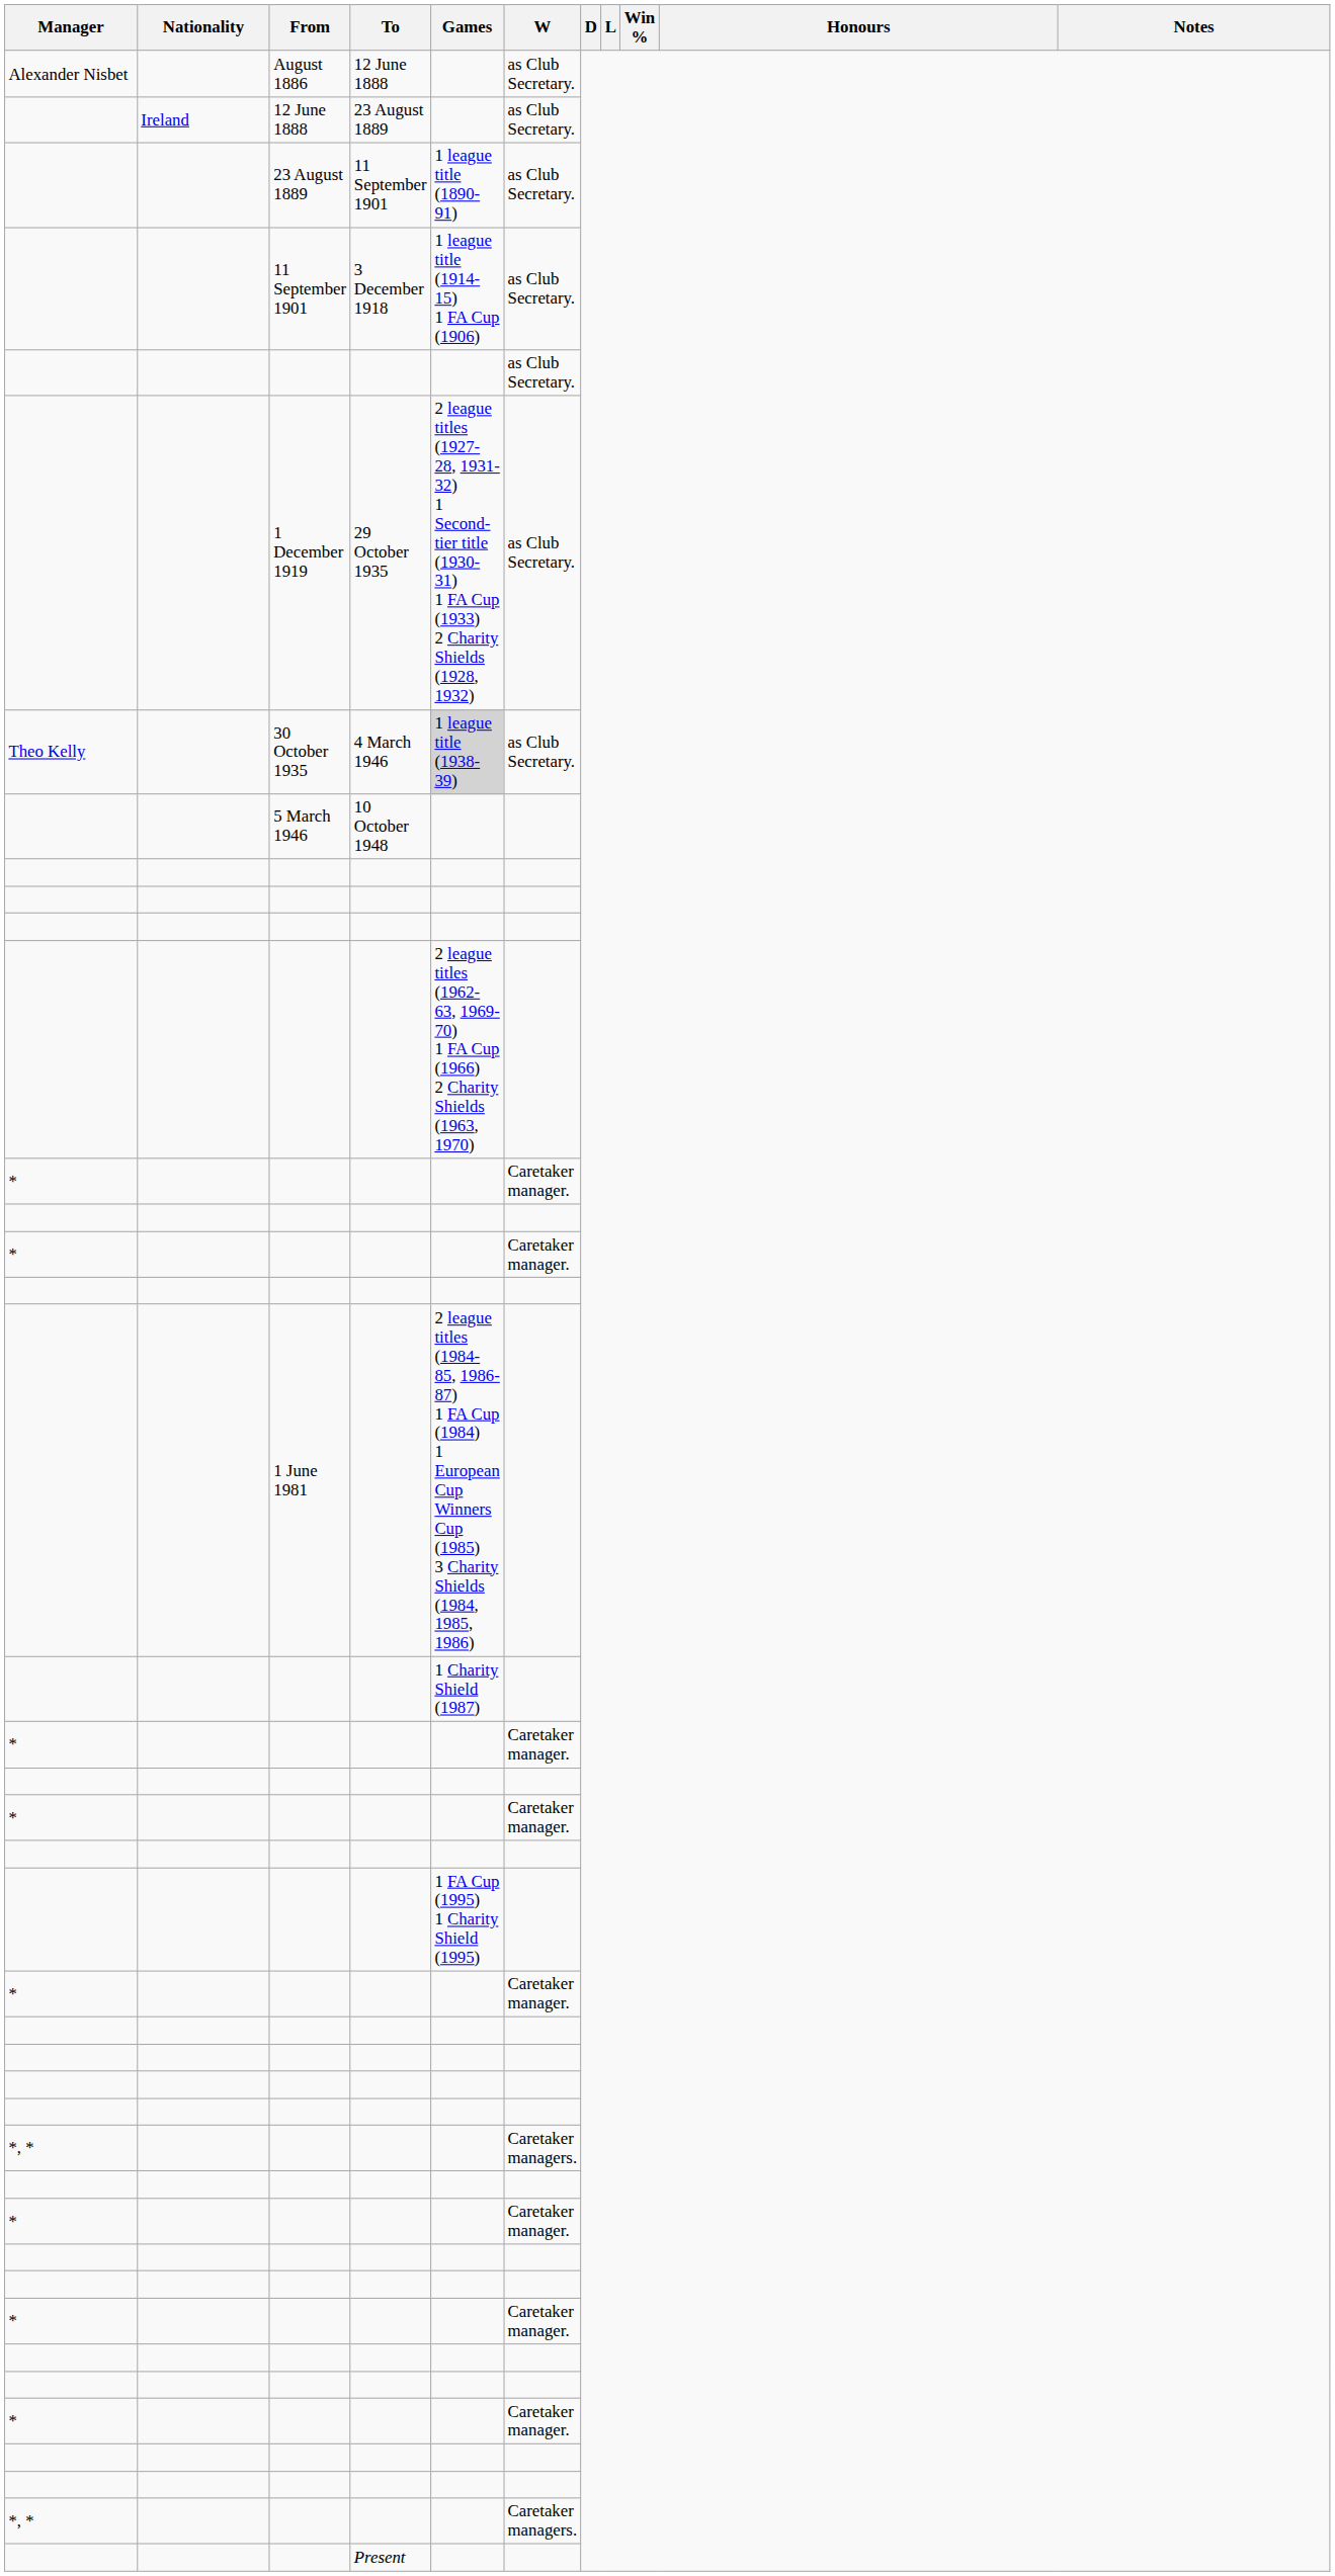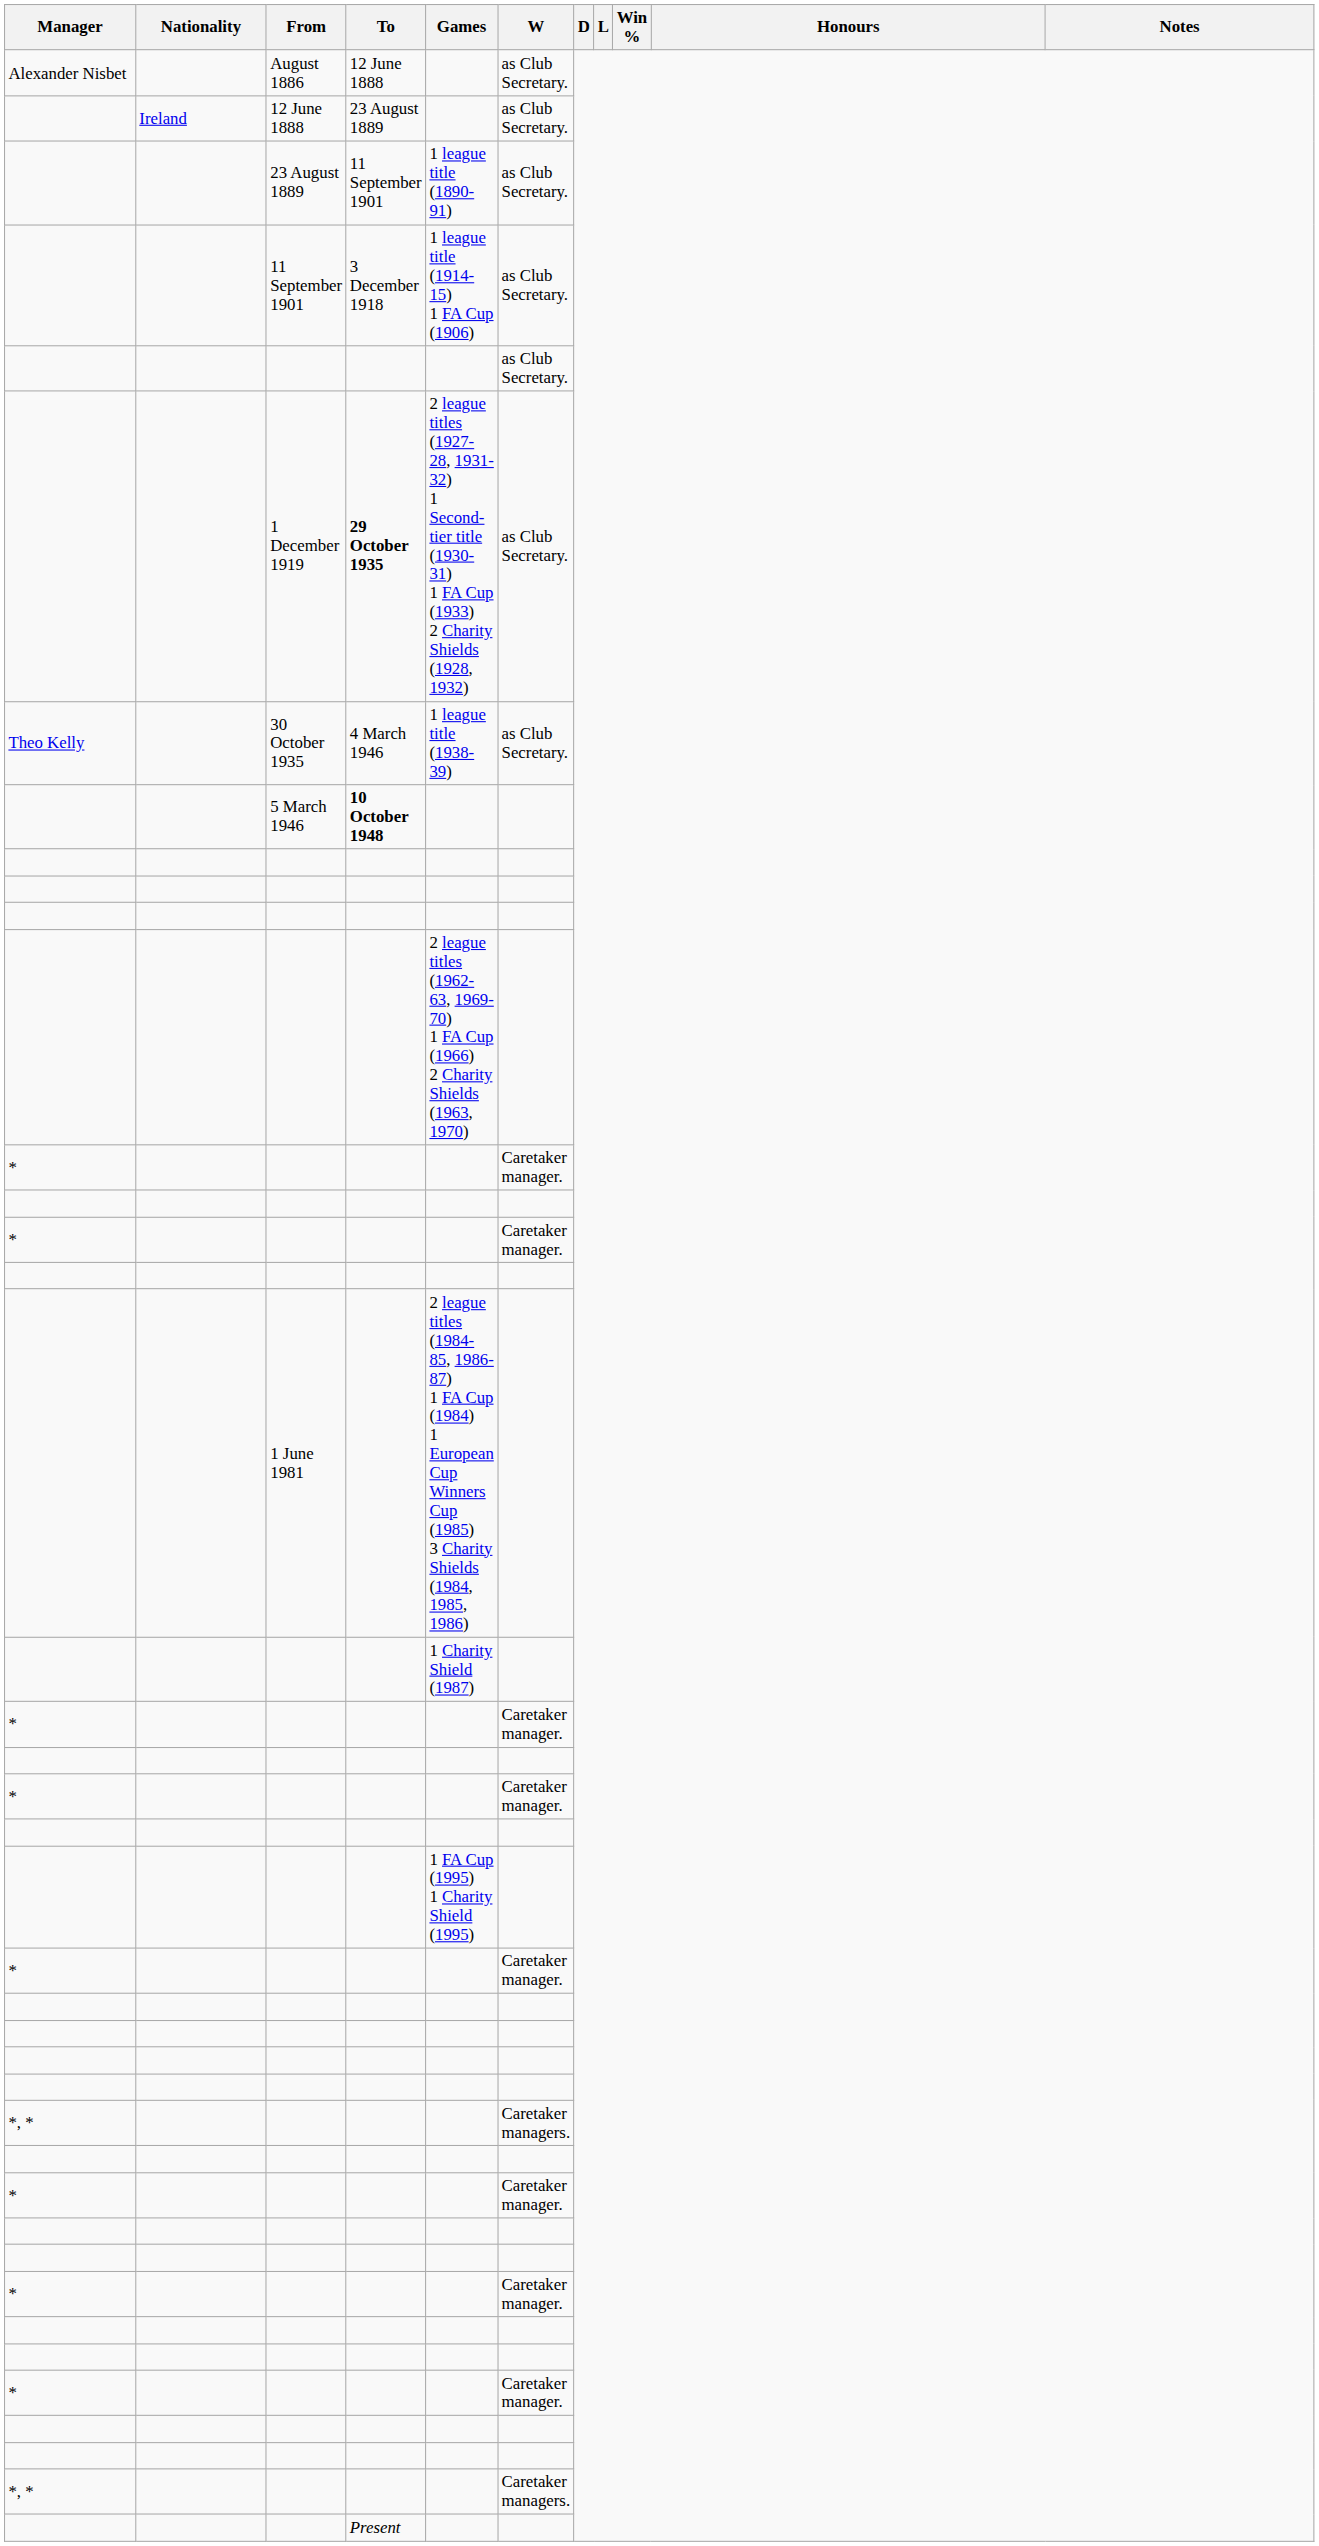 <table class="wikitable sortable" style="text-align: left">
 <tr>
 <th width=10%>Manager</th>
 <th width=10%>Nationality</th>
 <th width=5%>From</th>
 <th width=5% class="unsortable">To</th>
 <th width=2%>Games</th>
 <th width=1%>W</th>
 <th width=1%>D</th>
 <th width=1%>L</th>
 <th width=1%>Win %</th>
 <th>Honours</th>
 <th>Notes</th>
 </tr>
 <tr>
 <td>Alexander Nisbet</td>
 <td></td>
 <td>August 1886</td>
 <td>12 June 1888<br></td>
 <td></td>
 <td>as Club Secretary.</td>
 </tr>
 <tr>
 <td align=left></td>
 <td> <a href='#'>Ireland</a></td>
 <td align=left>12 June 1888</td>
 <td align=left>23 August 1889<br></td>
 <td></td>
 <td>as Club Secretary.</td>
 </tr>
 <tr>
 <td align=left></td>
 <td></td>
 <td align=left>23 August 1889</td>
 <td align=left>11 September 1901<br></td>
 <td>1 <a href='#'>league title</a> (<a href='#'>1890-91</a>)</td>
 <td>as Club Secretary.</td>
 </tr>
 <tr>
 <td align=left></td>
 <td></td>
 <td align=left>11 September 1901</td>
 <td align=left>3 December 1918<br></td>
 <td>1 <a href='#'>league title</a> (<a href='#'>1914-15</a>)<br>1 <a href='#'>FA Cup</a>    (<a href='#'>1906</a>)</td>
 <td>as Club Secretary.</td>
 </tr>
 <tr>
 <td align=left></td>
 <td></td>
 <td align=left></td>
 <td align=left><br></td>
 <td></td>
 <td>as Club Secretary.</td>
 </tr>
 <tr>
 <td align=left></td>
 <td></td>
 <td align=left>1 December 1919</td>
-<td align=left>29 October 1935<br></td>
+<td align=left><strong>29 October 1935<br></strong></td>
 <td>2 <a href='#'>league titles</a>            (<a href='#'>1927-28</a>, <a href='#'>1931-32</a>)<br>1 <a href='#'>Second-tier title</a>      (<a href='#'>1930-31</a>)<br>1 <a href='#'>FA Cup</a>    (<a href='#'>1933</a>)<br>2 <a href='#'>Charity Shields</a>       (<a href='#'>1928</a>, <a href='#'>1932</a>)</td>
 <td>as Club Secretary.</td>
 </tr>
 <tr>
 <td align=left><a href='#'>Theo Kelly</a></td>
 <td></td>
 <td align=left>30 October 1935</td>
 <td align=left>4 March 1946<br></td>
-<td style="background: lightgrey;">1 <a href='#'>league title</a> (<a href='#'>1938-39</a>)</td>
+<td>1 <a href='#'>league title</a> (<a href='#'>1938-39</a>)</td>
 <td>as Club Secretary.</td>
 </tr>
 <tr>
 <td align=left></td>
 <td></td>
 <td align=left>5 March 1946</td>
-<td align=left>10 October 1948<br></td>
+<td align=left><strong>10 October 1948<br></strong></td>
 <td></td>
 <td></td>
 </tr>
 <tr>
 <td align=left></td>
 <td></td>
 <td align=left></td>
 <td align=left><br></td>
 <td></td>
 <td></td>
 </tr>
 <tr>
 <td align=left></td>
 <td></td>
 <td align=left></td>
 <td align=left><br></td>
 <td></td>
 <td></td>
 </tr>
 <tr>
 <td align=left></td>
 <td></td>
 <td align=left></td>
 <td align=left><br></td>
 <td></td>
 <td></td>
 </tr>
 <tr>
 <td align=left></td>
 <td></td>
 <td align=left></td>
 <td align=left><br></td>
 <td>2 <a href='#'>league titles</a>            (<a href='#'>1962-63</a>, <a href='#'>1969-70</a>)<br>1 <a href='#'>FA Cup</a>     (<a href='#'>1966</a>)<br>2 <a href='#'>Charity Shields</a>       (<a href='#'>1963</a>, <a href='#'>1970</a>)</td>
 <td></td>
 </tr>
 <tr>
 <td align=left>*</td>
 <td></td>
 <td align=left></td>
 <td align=left><br></td>
 <td></td>
 <td>Caretaker manager.</td>
 </tr>
 <tr>
 <td align=left></td>
 <td></td>
 <td align=left></td>
 <td align=left><br></td>
 <td></td>
 <td></td>
 </tr>
 <tr>
 <td align=left>*</td>
 <td></td>
 <td align=left></td>
 <td align=left><br></td>
 <td></td>
 <td>Caretaker manager.</td>
 </tr>
 <tr>
 <td align=left></td>
 <td></td>
 <td align=left></td>
 <td align=left><br></td>
 <td></td>
 <td></td>
 </tr>
 <tr>
 <td align=left></td>
 <td></td>
 <td align=left>1 June 1981</td>
 <td align=left><br></td>
 <td>2 <a href='#'>league titles</a>            (<a href='#'>1984-85</a>, <a href='#'>1986-87</a>)<br>1 <a href='#'>FA Cup</a>    (<a href='#'>1984</a>)<br>1 <a href='#'>European Cup Winners Cup</a> (<a href='#'>1985</a>)<br>3 <a href='#'>Charity Shields</a>       (<a href='#'>1984</a>, <a href='#'>1985</a>,  <a href='#'>1986</a>)</td>
 <td></td>
 </tr>
 <tr>
 <td align=left></td>
 <td></td>
 <td align=left></td>
 <td align=left><br></td>
 <td>1 <a href='#'>Charity Shield</a>          (<a href='#'>1987</a>)</td>
 <td></td>
 </tr>
 <tr>
 <td align=left>*</td>
 <td></td>
 <td align=left></td>
 <td align=left><br></td>
 <td></td>
 <td>Caretaker manager.</td>
 </tr>
 <tr>
 <td align=left></td>
 <td></td>
 <td align=left></td>
 <td align=left><br></td>
 <td></td>
 <td></td>
 </tr>
 <tr>
 <td align=left>*</td>
 <td></td>
 <td align=left></td>
 <td align=left><br></td>
 <td></td>
 <td>Caretaker manager.</td>
 </tr>
 <tr>
 <td align=left></td>
 <td></td>
 <td align=left></td>
 <td align=left><br></td>
 <td></td>
 <td></td>
 </tr>
 <tr>
 <td align=left></td>
 <td></td>
 <td align=left></td>
 <td align=left><br></td>
 <td>1 <a href='#'>FA Cup</a>     (<a href='#'>1995</a>)<br>1 <a href='#'>Charity Shield</a>          (<a href='#'>1995</a>)</td>
 <td></td>
 </tr>
 <tr>
 <td align=left>*</td>
 <td></td>
 <td align=left></td>
 <td align=left><br></td>
 <td></td>
 <td>Caretaker manager.</td>
 </tr>
 <tr>
 <td align=left></td>
 <td></td>
 <td align=left></td>
 <td align=left><br></td>
 <td></td>
 <td></td>
 </tr>
 <tr>
 <td align=left></td>
 <td></td>
 <td align=left></td>
 <td align=left><br></td>
 <td></td>
 <td></td>
 </tr>
 <tr>
 <td align=left></td>
 <td></td>
 <td align=left></td>
 <td align=left><br></td>
 <td></td>
 <td></td>
 </tr>
 <tr>
 <td align=left></td>
 <td></td>
 <td align=left></td>
 <td align=left><br></td>
 <td></td>
 <td></td>
 </tr>
 <tr>
 <td align=left>*, *</td>
 <td> </td>
 <td align=left></td>
 <td align=left><br></td>
 <td></td>
 <td>Caretaker managers.</td>
 </tr>
 <tr>
 <td align=left></td>
 <td></td>
 <td align=left></td>
 <td align=left><br></td>
 <td></td>
 <td></td>
 </tr>
 <tr>
 <td align=left>*</td>
 <td></td>
 <td align=left></td>
 <td align=left><br></td>
 <td></td>
 <td>Caretaker manager.</td>
 </tr>
 <tr>
 <td align=left></td>
 <td></td>
 <td align=left></td>
 <td align=left><br></td>
 <td></td>
 <td></td>
 </tr>
 <tr>
 <td align=left></td>
 <td></td>
 <td align=left></td>
 <td align=left><br></td>
 <td></td>
 <td></td>
 </tr>
 <tr>
 <td align=left>*</td>
 <td></td>
 <td align=left></td>
 <td align=left><br></td>
 <td></td>
 <td>Caretaker manager.</td>
 </tr>
 <tr>
 <td align=left></td>
 <td></td>
 <td align=left></td>
 <td align=left><br></td>
 <td></td>
 <td></td>
 </tr>
 <tr>
 <td align=left></td>
 <td></td>
 <td align=left></td>
 <td align=left><br></td>
 <td></td>
 <td></td>
 </tr>
 <tr>
 <td align=left>*</td>
 <td></td>
 <td align=left></td>
 <td align=left><br></td>
 <td></td>
 <td>Caretaker manager.</td>
 </tr>
 <tr>
 <td align=left></td>
 <td></td>
 <td align=left></td>
 <td align=left><br></td>
 <td></td>
 <td></td>
 </tr>
 <tr>
 <td align=left></td>
 <td></td>
 <td align=left></td>
 <td align=left><br></td>
 <td></td>
 <td></td>
 </tr>
 <tr>
 <td align=left>*, *</td>
 <td> </td>
 <td align=left></td>
 <td align=left><br></td>
 <td></td>
 <td>Caretaker managers.</td>
 </tr>
 <tr>
 <td align=left></td>
 <td></td>
 <td align=left></td>
 <td align=left><em>Present</em><br></td>
 <td></td>
 <td></td>
 </tr>
 </table>
